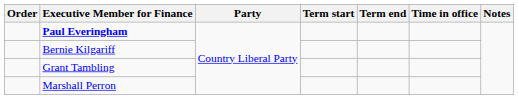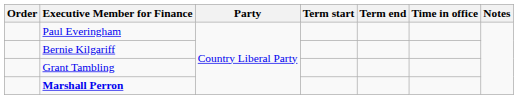 <table class="sortable wikitable">
 <tr>
 <th>Order</th>
 <th>Executive Member for Finance</th>
 <th>Party</th>
 <th>Term start</th>
 <th>Term end</th>
 <th>Time in office</th>
 <th>Notes</th>
 </tr>
 <tr>
 <td align=center></td>
-<td><strong><a href='#'>Paul Everingham</a></strong></td>
+<td><a href='#'>Paul Everingham</a></td>
 <td rowspan=4><a href='#'>Country Liberal Party</a></td>
 <td align=center></td>
 <td align=center></td>
 <td align=right></td>
 <td rowspan=4></td>
 </tr>
 <tr>
 <td align=center></td>
 <td><a href='#'>Bernie Kilgariff</a></td>
 <td align=center></td>
 <td align=center></td>
 <td align=right></td>
 </tr>
 <tr>
 <td align=center></td>
 <td><a href='#'>Grant Tambling</a></td>
 <td align=center></td>
 <td align=center></td>
 <td align=right><strong></strong></td>
 </tr>
 <tr>
 <td align=center></td>
-<td><a href='#'>Marshall Perron</a></td>
+<td><strong><a href='#'>Marshall Perron</a></strong></td>
 <td align=center></td>
 <td align=center></td>
 <td align=right></td>
 </tr>
 </table>
